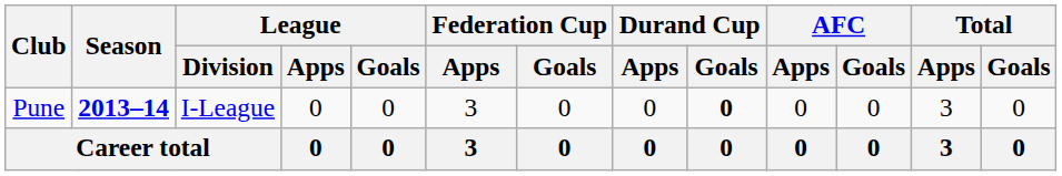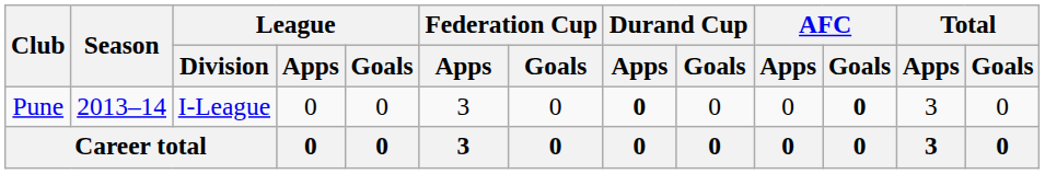 <table class="wikitable" style="text-align: center;">
 <tr>
 <th rowspan="2">Club</th>
 <th rowspan="2">Season</th>
 <th colspan="3">League</th>
 <th colspan="2">Federation Cup</th>
 <th colspan="2">Durand Cup</th>
 <th colspan="2"><a href='#'>AFC</a></th>
 <th colspan="2">Total</th>
 </tr>
 <tr>
 <th>Division</th>
 <th>Apps</th>
 <th>Goals</th>
 <th>Apps</th>
 <th>Goals</th>
 <th>Apps</th>
 <th>Goals</th>
 <th>Apps</th>
 <th>Goals</th>
 <th>Apps</th>
 <th>Goals</th>
 </tr>
 <tr>
 <td rowspan="1"><a href='#'>Pune</a></td>
-<td><strong><a href='#'>2013–14</a></strong></td>
+<td><a href='#'>2013–14</a></td>
 <td><a href='#'>I-League</a></td>
 <td>0</td>
 <td>0</td>
 <td>3</td>
 <td>0</td>
-<td>0</td>
 <td><strong>0</strong></td>
 <td>0</td>
 <td>0</td>
+<td><strong>0</strong></td>
 <td>3</td>
 <td>0</td>
 </tr>
 <tr>
 <th colspan="3">Career total</th>
 <th>0</th>
 <th>0</th>
 <th>3</th>
 <th>0</th>
 <th>0</th>
 <th>0</th>
 <th>0</th>
 <th>0</th>
 <th>3</th>
 <th>0</th>
 </tr>
 </table>
